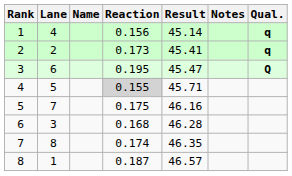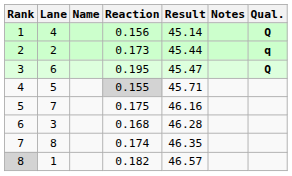 <table class="wikitable sortable" style="text-align:center">
 <tr>
 <th>Rank</th>
 <th>Lane</th>
 <th>Name</th>
 <th>Reaction</th>
 <th>Result</th>
 <th>Notes</th>
 <th>Qual.</th>
 </tr>
 <tr style="background:#cfc;">
 <td>1</td>
 <td>4</td>
 <td align="left"></td>
 <td>0.156</td>
 <td>45.14</td>
 <td></td>
-<td><strong>q</strong></td>
+<td><strong>Q</strong></td>
 </tr>
 <tr style="background:#cfc;">
 <td>2</td>
 <td>2</td>
 <td align="left"></td>
 <td>0.173</td>
-<td>45.41</td>
+<td>45.44</td>
 <td></td>
 <td><strong>q</strong></td>
 </tr>
 <tr style="background:#dfd;">
 <td>3</td>
 <td>6</td>
 <td align="left"></td>
 <td>0.195</td>
 <td>45.47</td>
 <td></td>
 <td><strong>Q</strong></td>
 </tr>
 <tr>
 <td>4</td>
 <td>5</td>
 <td align="left"></td>
 <td style="background: lightgrey;">0.155</td>
 <td>45.71</td>
 <td></td>
 <td></td>
 </tr>
 <tr>
 <td>5</td>
 <td>7</td>
 <td align="left"></td>
 <td>0.175</td>
 <td>46.16</td>
 <td></td>
 <td></td>
 </tr>
 <tr>
 <td>6</td>
 <td>3</td>
 <td align="left"></td>
 <td>0.168</td>
 <td>46.28</td>
 <td></td>
 <td></td>
 </tr>
 <tr>
 <td>7</td>
 <td>8</td>
 <td align="left"></td>
 <td>0.174</td>
 <td>46.35</td>
 <td></td>
 <td></td>
 </tr>
 <tr>
-<td>8</td>
+<td style="background: lightgrey;">8</td>
 <td>1</td>
 <td align="left"></td>
-<td>0.187</td>
+<td>0.182</td>
 <td>46.57</td>
 <td></td>
 <td></td>
 </tr>
 </table>
